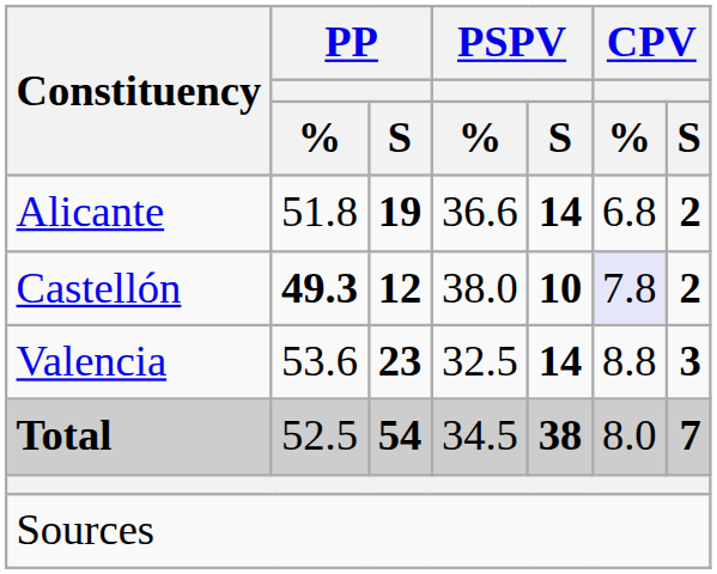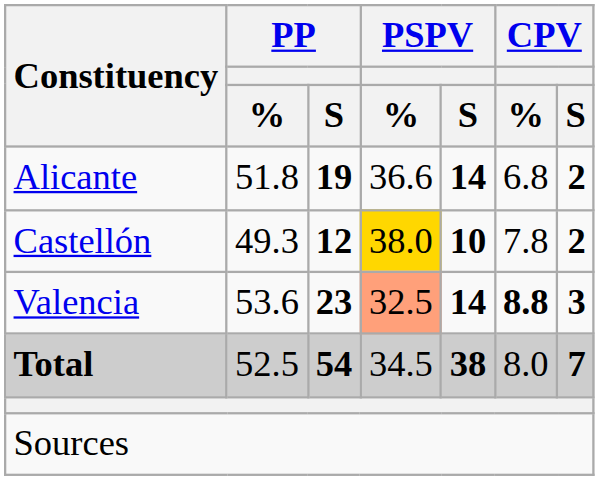 <table class="wikitable sortable" style="text-align:right; line-height:20px;">
 <tr>
 <th rowspan="3">Constituency</th>
 <th colspan="2" width="30px" class="unsortable"><a href='#'>PP</a></th>
 <th colspan="2" width="30px" class="unsortable"><a href='#'>PSPV</a></th>
 <th colspan="2" width="30px" class="unsortable"><a href='#'>CPV</a></th>
 </tr>
 <tr>
 <th colspan="2" style="background:"></th>
 <th colspan="2" style="background:"></th>
 <th colspan="2" style="background:"></th>
 </tr>
 <tr>
 <th data-sort-type="number">%</th>
 <th data-sort-type="number">S</th>
 <th data-sort-type="number">%</th>
 <th data-sort-type="number">S</th>
 <th data-sort-type="number">%</th>
 <th data-sort-type="number">S</th>
 </tr>
 <tr>
 <td align="left"><a href='#'>Alicante</a></td>
 <td style="background:">51.8</td>
 <td><strong>19</strong></td>
 <td>36.6</td>
 <td><strong>14</strong></td>
 <td>6.8</td>
 <td><strong>2</strong></td>
 </tr>
 <tr>
 <td align="left"><a href='#'>Castellón</a></td>
-<td style="background:"><strong>49.3</strong></td>
+<td style="background:">49.3</td>
 <td><strong>12</strong></td>
-<td>38.0</td>
+<td style="background: gold;">38.0</td>
 <td><strong>10</strong></td>
-<td style="background: lavender;">7.8</td>
+<td>7.8</td>
 <td><strong>2</strong></td>
 </tr>
 <tr>
 <td align="left"><a href='#'>Valencia</a></td>
 <td style="background:">53.6</td>
 <td><strong>23</strong></td>
-<td>32.5</td>
+<td style="background: lightsalmon;">32.5</td>
 <td><strong>14</strong></td>
-<td>8.8</td>
+<td><strong>8.8</strong></td>
 <td><strong>3</strong></td>
 </tr>
 <tr style="background:#CDCDCD;">
 <td align="left"><strong>Total</strong></td>
 <td style="background:">52.5</td>
 <td><strong>54</strong></td>
 <td>34.5</td>
 <td><strong>38</strong></td>
 <td>8.0</td>
 <td><strong>7</strong></td>
 </tr>
 <tr>
 <th colspan="7"></th>
 </tr>
 <tr>
 <th style="text-align:left; font-weight:normal; background:#F9F9F9" colspan="7">Sources</th>
 </tr>
 </table>
